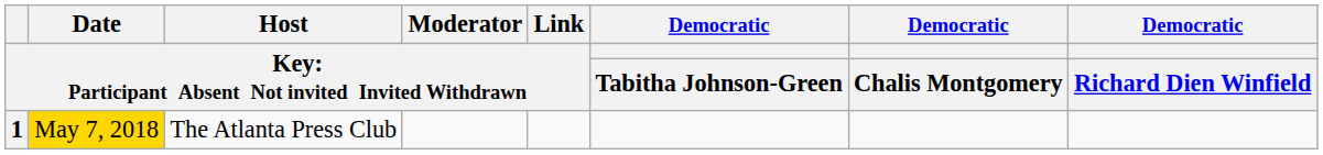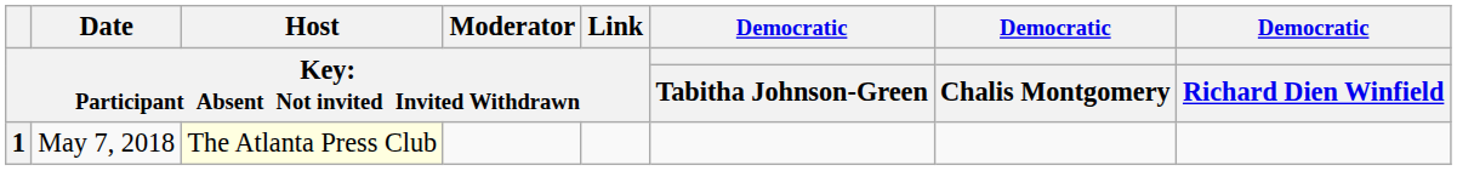 <table class="wikitable" style="text-align:center;">
 <tr>
 <th scope="col"></th>
 <th scope="col">Date</th>
 <th scope="col">Host</th>
 <th scope="col">Moderator</th>
 <th scope="col">Link</th>
 <th scope="col"><small><a href='#'>Democratic</a></small></th>
 <th scope="col"><small><a href='#'>Democratic</a></small></th>
 <th scope="col"><small><a href='#'>Democratic</a></small></th>
 </tr>
 <tr>
 <th colspan="5" rowspan="2">Key:<br> <small>Participant </small>  <small>Absent </small>  <small>Not invited </small>  <small>Invited  Withdrawn</small></th>
 <th scope="col" style="background:"></th>
 <th scope="col" style="background:"></th>
 <th scope="col" style="background:"></th>
 </tr>
 <tr>
 <th scope="col">Tabitha Johnson-Green</th>
 <th scope="col">Chalis Montgomery</th>
 <th scope="col"><a href='#'>Richard Dien Winfield</a></th>
 </tr>
 <tr>
 <th>1</th>
-<td style="background: gold; white-space:nowrap;">May 7, 2018</td>
-<td style="white-space:nowrap;">The Atlanta Press Club</td>
+<td style="white-space:nowrap;">May 7, 2018</td>
+<td style="background: lightyellow; white-space:nowrap;">The Atlanta Press Club</td>
 <td style="white-space:nowrap;"></td>
 <td style="white-space:nowrap;"></td>
 <td></td>
 <td></td>
 </tr>
 </table>
